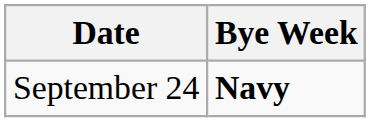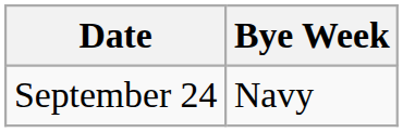 <table class="wikitable" style="font-size:95%;">
 <tr>
 <th>Date</th>
 <th colspan="2">Bye Week</th>
 </tr>
 <tr>
 <td>September 24</td>
-<td><strong>Navy</strong></td>
+<td>Navy</td>
 </tr>
 </table>
